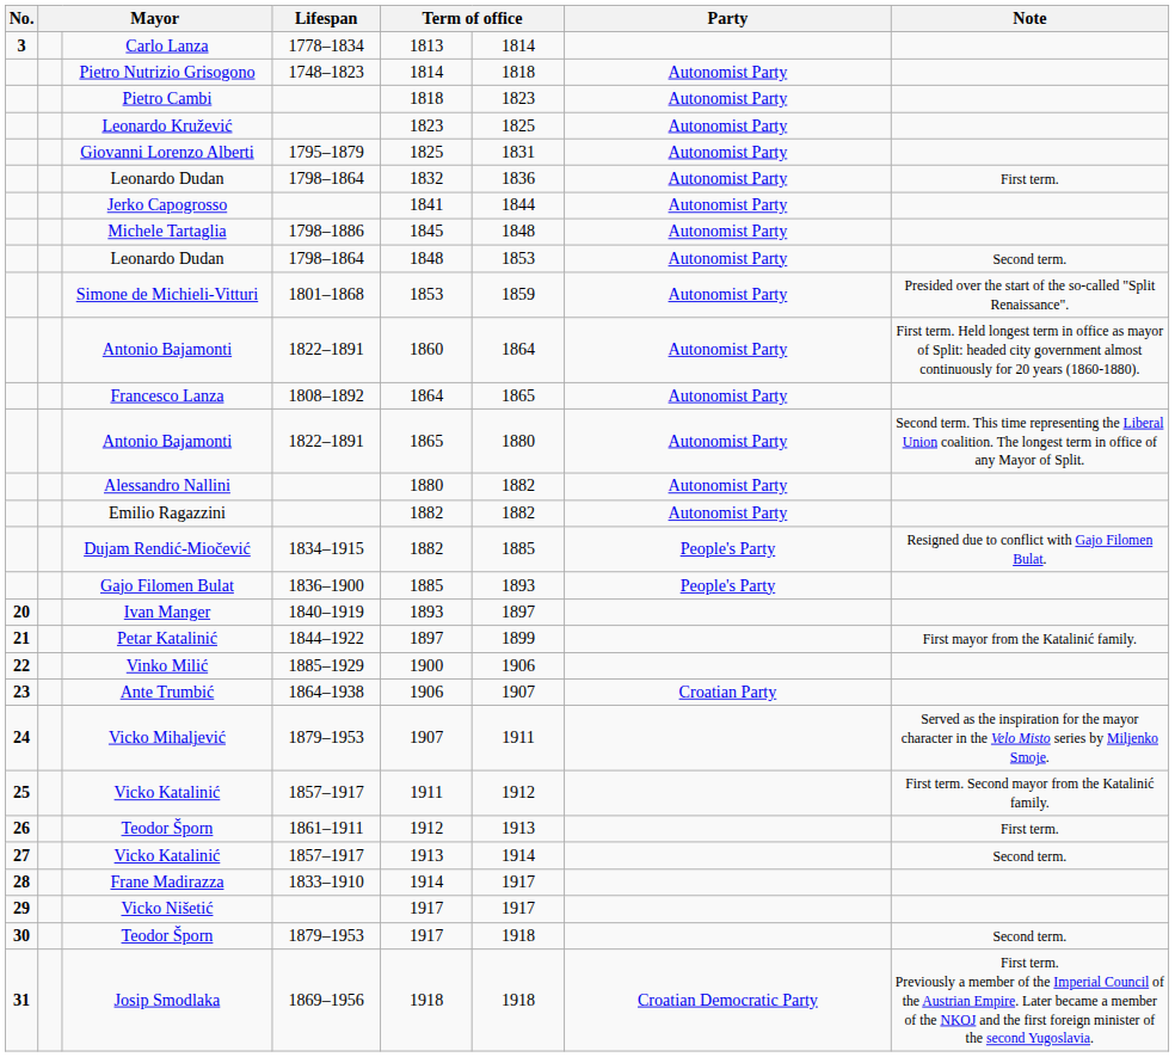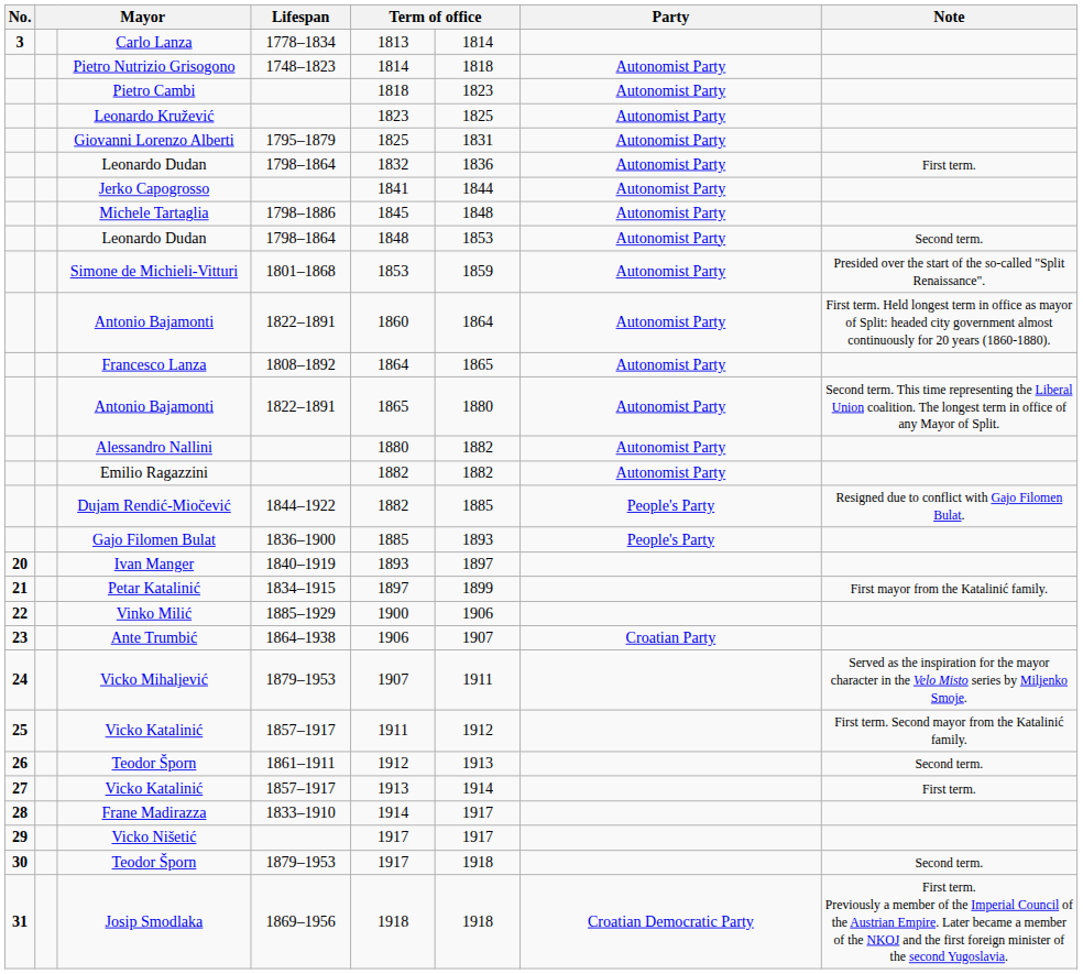 <table class="wikitable" style="text-align:center;">
 <tr>
 <th>No.</th>
 <th colspan=2>Mayor</th>
 <th>Lifespan</th>
 <th colspan=2>Term of office</th>
 <th>Party</th>
 <th>Note</th>
 </tr>
 <tr>
 <td style="background: ; width:1em"><strong>3</strong></td>
 <td style="width:1em;"></td>
 <td style="width:12em;"><a href='#'>Carlo Lanza</a></td>
 <td style="width:6em;">1778–1834</td>
 <td style="width:5em;"><small></small>1813</td>
 <td style="width:5em;"><small></small>1814</td>
 <td style="width:19em;"></td>
 <td style="width:16em;"><small></small></td>
 </tr>
 <tr>
 <td style="background: "></td>
 <td style="width:1em;"></td>
 <td style="width:12em;"><a href='#'>Pietro Nutrizio Grisogono</a></td>
 <td style="width:6em;">1748–1823</td>
 <td style="width:5em;"><small></small>1814</td>
 <td style="width:5em;"><small></small>1818</td>
 <td style="width:19em;"><a href='#'>Autonomist Party</a></td>
 <td style="width:16em;"><small></small></td>
 </tr>
 <tr>
 <td style="background: "></td>
 <td style="width:1em;"></td>
 <td style="width:12em;"><a href='#'>Pietro Cambi</a></td>
 <td style="width:6em;"></td>
 <td style="width:5em;"><small></small>1818</td>
 <td style="width:5em;"><small></small>1823</td>
 <td style="width:19em;"><a href='#'>Autonomist Party</a></td>
 <td style="width:16em;"><small></small></td>
 </tr>
 <tr>
 <td style="background: "></td>
 <td style="width:1em;"></td>
 <td style="width:12em;"><a href='#'>Leonardo Kružević</a></td>
 <td style="width:6em;"></td>
 <td style="width:5em;"><small></small>1823</td>
 <td style="width:5em;"><small></small>1825</td>
 <td style="width:19em;"><a href='#'>Autonomist Party</a></td>
 <td style="width:16em;"><small></small></td>
 </tr>
 <tr>
 <td style="background: "></td>
 <td style="width:1em;"></td>
 <td style="width:12em;"><a href='#'>Giovanni Lorenzo Alberti</a></td>
 <td style="width:6em;">1795–1879</td>
 <td style="width:5em;"><small></small>1825</td>
 <td style="width:5em;"><small></small>1831</td>
 <td style="width:19em;"><a href='#'>Autonomist Party</a></td>
 <td style="width:16em;"><small></small></td>
 </tr>
 <tr>
 <td style="background: "></td>
 <td style="width:1em;"></td>
 <td style="width:12em;">Leonardo Dudan</td>
 <td style="width:6em;">1798–1864</td>
 <td style="width:5em;"><small></small>1832</td>
 <td style="width:5em;"><small></small>1836</td>
 <td style="width:19em;"><a href='#'>Autonomist Party</a></td>
 <td style="width:16em;"><small>First term.</small></td>
 </tr>
 <tr>
 <td style="background: "></td>
 <td style="width:1em;"></td>
 <td style="width:12em;"><a href='#'>Jerko Capogrosso</a></td>
 <td style="width:6em;"></td>
 <td style="width:5em;"><small></small>1841</td>
 <td style="width:5em;"><small></small>1844</td>
 <td style="width:19em;"><a href='#'>Autonomist Party</a></td>
 <td style="width:16em;"><small></small></td>
 </tr>
 <tr>
 <td style="background: "></td>
 <td style="width:1em;"></td>
 <td style="width:12em;"><a href='#'>Michele Tartaglia</a></td>
 <td style="width:6em;">1798–1886</td>
 <td style="width:5em;"><small></small>1845</td>
 <td style="width:5em;"><small></small>1848</td>
 <td style="width:19em;"><a href='#'>Autonomist Party</a></td>
 <td style="width:16em;"><small></small></td>
 </tr>
 <tr>
 <td style="background: "></td>
 <td style="width:1em;"></td>
 <td style="width:12em;">Leonardo Dudan</td>
 <td style="width:6em;">1798–1864</td>
 <td style="width:5em;"><small></small>1848</td>
 <td style="width:5em;"><small></small>1853</td>
 <td style="width:19em;"><a href='#'>Autonomist Party</a></td>
 <td style="width:16em;"><small>Second term.</small></td>
 </tr>
 <tr>
 <td style="background: "></td>
 <td style="width:1em;"></td>
 <td style="width:12em;"><a href='#'>Simone de Michieli-Vitturi</a></td>
 <td style="width:6em;">1801–1868</td>
 <td style="width:5em;"><small></small>1853</td>
 <td style="width:5em;"><small></small>1859</td>
 <td style="width:19em;"><a href='#'>Autonomist Party</a></td>
 <td style="width:16em;"><small>Presided over the start of the so-called "Split Renaissance".</small></td>
 </tr>
 <tr>
 <td style="background: "></td>
 <td style="width:1em;"></td>
 <td style="width:12em;"><a href='#'>Antonio Bajamonti</a></td>
 <td style="width:6em;">1822–1891</td>
 <td style="width:5em;"><small></small>1860</td>
 <td style="width:5em;"><small></small>1864</td>
 <td style="width:19em;"><a href='#'>Autonomist Party</a></td>
 <td style="width:16em;"><small>First term. Held longest term in office as mayor of Split: headed city government almost continuously for 20 years (1860-1880).</small></td>
 </tr>
 <tr>
 <td style="background: "></td>
 <td style="width:1em;"></td>
 <td style="width:12em;"><a href='#'>Francesco Lanza</a></td>
 <td style="width:6em;">1808–1892</td>
 <td style="width:5em;"><small></small>1864</td>
 <td style="width:5em;"><small></small>1865</td>
 <td style="width:19em;"><a href='#'>Autonomist Party</a></td>
 <td style="width:16em;"><small></small></td>
 </tr>
 <tr>
 <td style="background: "></td>
 <td style="width:1em;"></td>
 <td style="width:12em;"><a href='#'>Antonio Bajamonti</a></td>
 <td style="width:6em;">1822–1891</td>
 <td style="width:5em;"><small></small>1865</td>
 <td style="width:5em;"><small></small>1880</td>
 <td style="width:19em;"><a href='#'>Autonomist Party</a></td>
 <td style="width:16em;"><small>Second term. This time representing the <a href='#'>Liberal Union</a> coalition. The longest term in office of any Mayor of Split.</small></td>
 </tr>
 <tr>
 <td style="background: "></td>
 <td style="width:1em;"></td>
 <td style="width:12em;"><a href='#'>Alessandro Nallini</a></td>
 <td style="width:6em;"></td>
 <td style="width:5em;"><small></small>1880</td>
 <td style="width:5em;"><small></small>1882</td>
 <td style="width:19em;"><a href='#'>Autonomist Party</a></td>
 <td style="width:16em;"><small></small></td>
 </tr>
 <tr>
 <td style="background: "></td>
 <td style="width:1em;"></td>
 <td style="width:12em;">Emilio Ragazzini</td>
 <td style="width:6em;"></td>
 <td style="width:5em;"><small></small>1882</td>
 <td style="width:5em;"><small></small>1882</td>
 <td style="width:19em;"><a href='#'>Autonomist Party</a></td>
 <td style="width:16em;"><small></small></td>
 </tr>
 <tr>
 <td style="background: "></td>
 <td style="width:1em;"></td>
 <td style="width:12em;"><a href='#'>Dujam Rendić-Miočević</a></td>
-<td style="width:6em;">1834–1915</td>
+<td style="width:6em;">1844–1922</td>
 <td style="width:5em;"><small></small>1882</td>
 <td style="width:5em;"><small></small>1885</td>
 <td style="width:19em;"><a href='#'>People's Party</a></td>
 <td style="width:16em;"><small>Resigned due to conflict with <a href='#'>Gajo Filomen Bulat</a>.</small></td>
 </tr>
 <tr>
 <td style="background: "></td>
 <td style="width:1em;"></td>
 <td style="width:12em;"><a href='#'>Gajo Filomen Bulat</a></td>
 <td style="width:6em;">1836–1900</td>
 <td style="width:5em;"><small></small>1885</td>
 <td style="width:5em;"><small></small>1893</td>
 <td style="width:19em;"><a href='#'>People's Party</a></td>
 <td style="width:16em;"><small></small></td>
 </tr>
 <tr>
 <td style="background: ; width:1em"><strong>20</strong></td>
 <td style="width:1em;"></td>
 <td style="width:12em;"><a href='#'>Ivan Manger</a></td>
 <td style="width:6em;">1840–1919</td>
 <td style="width:5em;"><small></small>1893</td>
 <td style="width:5em;"><small></small>1897</td>
 <td style="width:19em;"></td>
 <td style="width:16em;"><small></small></td>
 </tr>
 <tr>
 <td style="background: ; width:1em"><strong>21</strong></td>
 <td style="width:1em;"></td>
 <td style="width:12em;"><a href='#'>Petar Katalinić</a></td>
-<td style="width:6em;">1844–1922</td>
+<td style="width:6em;">1834–1915</td>
 <td style="width:5em;"><small></small>1897</td>
 <td style="width:5em;"><small></small>1899</td>
 <td style="width:19em;"></td>
 <td style="width:16em;"><small>First mayor from the Katalinić family.</small></td>
 </tr>
 <tr>
 <td style="background: ; width:1em"><strong>22</strong></td>
 <td style="width:1em;"></td>
 <td style="width:12em;"><a href='#'>Vinko Milić</a></td>
 <td style="width:6em;">1885–1929</td>
 <td style="width:5em;"><small></small>1900</td>
 <td style="width:5em;"><small></small>1906</td>
 <td style="width:19em;"></td>
 <td style="width:16em;"><small></small></td>
 </tr>
 <tr>
 <td style="background: ; width:1em"><strong>23</strong></td>
 <td style="width:1em;"></td>
 <td style="width:12em;"><a href='#'>Ante Trumbić</a></td>
 <td style="width:6em;">1864–1938</td>
 <td style="width:5em;"><small></small>1906</td>
 <td style="width:5em;"><small></small>1907</td>
 <td style="width:19em;"><a href='#'>Croatian Party</a></td>
 <td style="width:16em;"><small></small></td>
 </tr>
 <tr>
 <td style="background: ; width:1em"><strong>24</strong></td>
 <td style="width:1em;"></td>
 <td style="width:12em;"><a href='#'>Vicko Mihaljević</a></td>
 <td style="width:6em;">1879–1953</td>
 <td style="width:5em;"><small></small>1907</td>
 <td style="width:5em;"><small></small>1911</td>
 <td style="width:19em;"></td>
 <td style="width:16em;"><small>Served as the inspiration for the mayor character in the <em><a href='#'>Velo Misto</a></em> series by <a href='#'>Miljenko Smoje</a>.</small></td>
 </tr>
 <tr>
 <td style="background: ; width:1em"><strong>25</strong></td>
 <td style="width:1em;"></td>
 <td style="width:12em;"><a href='#'>Vicko Katalinić</a></td>
 <td style="width:6em;">1857–1917</td>
 <td style="width:5em;"><small></small>1911</td>
 <td style="width:5em;"><small></small>1912</td>
 <td style="width:19em;"></td>
 <td style="width:16em;"><small>First term. Second mayor from the Katalinić family.</small></td>
 </tr>
 <tr>
 <td style="background: ; width:1em"><strong>26</strong></td>
 <td style="width:1em;"></td>
 <td style="width:12em;"><a href='#'>Teodor Šporn</a></td>
 <td style="width:6em;">1861–1911</td>
 <td style="width:5em;"><small></small>1912</td>
 <td style="width:5em;"><small></small>1913</td>
 <td style="width:19em;"></td>
-<td style="width:16em;"><small>First term.</small></td>
+<td style="width:16em;"><small>Second term.</small></td>
 </tr>
 <tr>
 <td style="background: ; width:1em"><strong>27</strong></td>
 <td style="width:1em;"></td>
 <td style="width:12em;"><a href='#'>Vicko Katalinić</a></td>
 <td style="width:6em;">1857–1917</td>
 <td style="width:5em;"><small></small>1913</td>
 <td style="width:5em;"><small></small>1914</td>
 <td style="width:19em;"></td>
-<td style="width:16em;"><small>Second term.</small></td>
+<td style="width:16em;"><small>First term.</small></td>
 </tr>
 <tr>
 <td style="background: ; width:1em"><strong>28</strong></td>
 <td style="width:1em;"></td>
 <td style="width:12em;"><a href='#'>Frane Madirazza</a></td>
 <td style="width:6em;">1833–1910</td>
 <td style="width:5em;"><small></small>1914</td>
 <td style="width:5em;"><small></small>1917</td>
 <td style="width:19em;"></td>
 <td style="width:16em;"><small></small></td>
 </tr>
 <tr>
 <td style="background: ; width:1em"><strong>29</strong></td>
 <td style="width:1em;"></td>
 <td style="width:12em;"><a href='#'>Vicko Nišetić</a></td>
 <td style="width:6em;"></td>
 <td style="width:5em;"><small></small>1917</td>
 <td style="width:5em;"><small></small>1917</td>
 <td style="width:19em;"></td>
 <td style="width:16em;"><small></small></td>
 </tr>
 <tr>
 <td style="background: ; width:1em"><strong>30</strong></td>
 <td style="width:1em;"></td>
 <td style="width:12em;"><a href='#'>Teodor Šporn</a></td>
 <td style="width:6em;">1879–1953</td>
 <td style="width:5em;"><small></small>1917</td>
 <td style="width:5em;"><small></small>1918</td>
 <td style="width:19em;"></td>
 <td style="width:16em;"><small>Second term.</small></td>
 </tr>
 <tr>
 <td style="background: ; width:1em"><strong>31</strong></td>
 <td style="width:1em;"></td>
 <td style="width:12em;"><a href='#'>Josip Smodlaka</a></td>
 <td style="width:6em;">1869–1956</td>
 <td style="width:5em;"><small></small>1918</td>
 <td style="width:5em;"><small></small>1918</td>
 <td style="width:19em;"><a href='#'>Croatian Democratic Party</a></td>
 <td style="width:16em;"><small>First term.<br>Previously a member of the <a href='#'>Imperial Council</a> of the <a href='#'>Austrian Empire</a>. Later became a member of the <a href='#'>NKOJ</a> and the first foreign minister of the <a href='#'>second Yugoslavia</a>.</small></td>
 </tr>
 </table>
